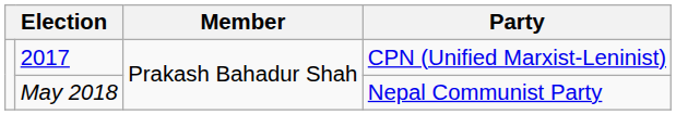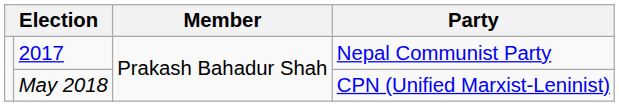 <table class="wikitable">
 <tr>
 <th colspan="2">Election</th>
 <th>Member</th>
 <th>Party</th>
 </tr>
 <tr>
 <td rowspan="2" style="background-color:"></td>
 <td><a href='#'>2017</a></td>
 <td rowspan="2">Prakash Bahadur Shah</td>
-<td><a href='#'>CPN (Unified Marxist-Leninist)</a></td>
+<td><a href='#'>Nepal Communist Party</a></td>
 </tr>
 <tr>
 <td><em>May 2018</em></td>
-<td><a href='#'>Nepal Communist Party</a></td>
+<td><a href='#'>CPN (Unified Marxist-Leninist)</a></td>
 </tr>
 </table>
